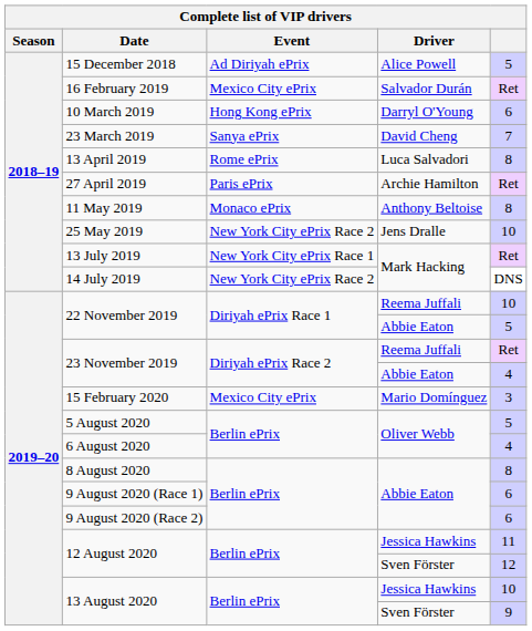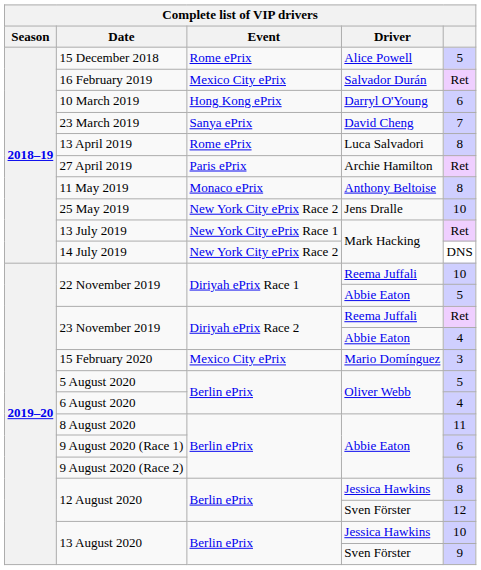 <table class="wikitable collapsible collapsed" style="font-size:85%; display: inline-table;">
 <tr>
 <th colspan=5>Complete list of VIP drivers</th>
 </tr>
 <tr>
 <th>Season</th>
 <th>Date</th>
 <th>Event</th>
 <th>Driver</th>
 <th></th>
 </tr>
 <tr>
 <th rowspan=10><a href='#'>2018–19</a></th>
 <td>15 December 2018</td>
-<td><a href='#'>Ad Diriyah ePrix</a></td>
+<td><a href='#'>Rome ePrix</a></td>
 <td> <a href='#'>Alice Powell</a></td>
 <td style="background:#cfcfff; text-align:center;">5</td>
 </tr>
 <tr>
 <td>16 February 2019</td>
 <td><a href='#'>Mexico City ePrix</a></td>
 <td> <a href='#'>Salvador Durán</a></td>
 <td style="background:#efcfff; text-align:center;">Ret</td>
 </tr>
 <tr>
 <td>10 March 2019</td>
 <td><a href='#'>Hong Kong ePrix</a></td>
 <td> <a href='#'>Darryl O'Young</a></td>
 <td style="background:#cfcfff; text-align:center;">6</td>
 </tr>
 <tr>
 <td>23 March 2019</td>
 <td><a href='#'>Sanya ePrix</a></td>
 <td> <a href='#'>David Cheng</a></td>
 <td style="background:#cfcfff; text-align:center;">7</td>
 </tr>
 <tr>
 <td>13 April 2019</td>
 <td><a href='#'>Rome ePrix</a></td>
 <td> Luca Salvadori</td>
 <td style="background:#cfcfff; text-align:center;">8</td>
 </tr>
 <tr>
 <td>27 April 2019</td>
 <td><a href='#'>Paris ePrix</a></td>
 <td> Archie Hamilton</td>
 <td style="background:#efcfff; text-align:center;">Ret</td>
 </tr>
 <tr>
 <td>11 May 2019</td>
 <td><a href='#'>Monaco ePrix</a></td>
 <td> <a href='#'>Anthony Beltoise</a></td>
 <td style="background:#cfcfff; text-align:center;">8</td>
 </tr>
 <tr>
 <td>25 May 2019</td>
 <td><a href='#'>New York City ePrix</a> Race 2</td>
 <td> Jens Dralle</td>
 <td style="background:#cfcfff; text-align:center;">10</td>
 </tr>
 <tr>
 <td>13 July 2019</td>
 <td><a href='#'>New York City ePrix</a> Race 1</td>
 <td rowspan="2"> Mark Hacking</td>
 <td style="background:#efcfff; text-align:center;">Ret</td>
 </tr>
 <tr>
 <td>14 July 2019</td>
 <td><a href='#'>New York City ePrix</a> Race 2</td>
 <td style="background:#ffffff; text-align:center;">DNS</td>
 </tr>
 <tr>
 <th rowspan="14"><a href='#'>2019–20</a></th>
 <td rowspan="2">22 November 2019</td>
 <td rowspan="2"><a href='#'>Diriyah ePrix</a> Race 1</td>
 <td> <a href='#'>Reema Juffali</a></td>
 <td style="background:#cfcfff; text-align:center;">10</td>
 </tr>
 <tr>
 <td> <a href='#'>Abbie Eaton</a></td>
 <td style="background:#cfcfff; text-align:center;">5</td>
 </tr>
 <tr>
 <td rowspan="2">23 November 2019</td>
 <td rowspan="2"><a href='#'>Diriyah ePrix</a> Race 2</td>
 <td> <a href='#'>Reema Juffali</a></td>
 <td style="background:#efcfff; text-align:center;">Ret</td>
 </tr>
 <tr>
 <td> <a href='#'>Abbie Eaton</a></td>
 <td style="background:#cfcfff; text-align:center;">4</td>
 </tr>
 <tr>
 <td>15 February 2020</td>
 <td><a href='#'>Mexico City ePrix</a></td>
 <td> <a href='#'>Mario Domínguez</a></td>
 <td style="background:#cfcfff; text-align:center;">3</td>
 </tr>
 <tr>
 <td>5 August 2020</td>
 <td rowspan="2"><a href='#'>Berlin ePrix</a></td>
 <td rowspan="2"> <a href='#'>Oliver Webb</a></td>
 <td style="background:#cfcfff; text-align:center;">5</td>
 </tr>
 <tr>
 <td>6 August 2020</td>
 <td style="background:#cfcfff; text-align:center;">4</td>
 </tr>
 <tr>
 <td>8 August 2020</td>
 <td rowspan="3"><a href='#'>Berlin ePrix</a></td>
 <td rowspan="3"> <a href='#'>Abbie Eaton</a></td>
-<td style="background:#cfcfff; text-align:center;">8</td>
+<td style="background:#cfcfff; text-align:center;">11</td>
 </tr>
 <tr>
 <td>9 August 2020 (Race 1)</td>
 <td style="background:#cfcfff; text-align:center;">6</td>
 </tr>
 <tr>
 <td>9 August 2020 (Race 2)</td>
 <td style="background:#cfcfff; text-align:center;">6</td>
 </tr>
 <tr>
 <td rowspan="2">12 August 2020</td>
 <td rowspan="2"><a href='#'>Berlin ePrix</a></td>
 <td> <a href='#'>Jessica Hawkins</a></td>
-<td style="background:#cfcfff; text-align:center;">11</td>
+<td style="background:#cfcfff; text-align:center;">8</td>
 </tr>
 <tr>
 <td> Sven Förster</td>
 <td style="background:#cfcfff; text-align:center;">12</td>
 </tr>
 <tr>
 <td rowspan="2">13 August 2020</td>
 <td rowspan="2"><a href='#'>Berlin ePrix</a></td>
 <td> <a href='#'>Jessica Hawkins</a></td>
 <td style="background:#cfcfff; text-align:center;">10</td>
 </tr>
 <tr>
 <td> Sven Förster</td>
 <td style="background:#cfcfff; text-align:center;">9</td>
 </tr>
 </table>
